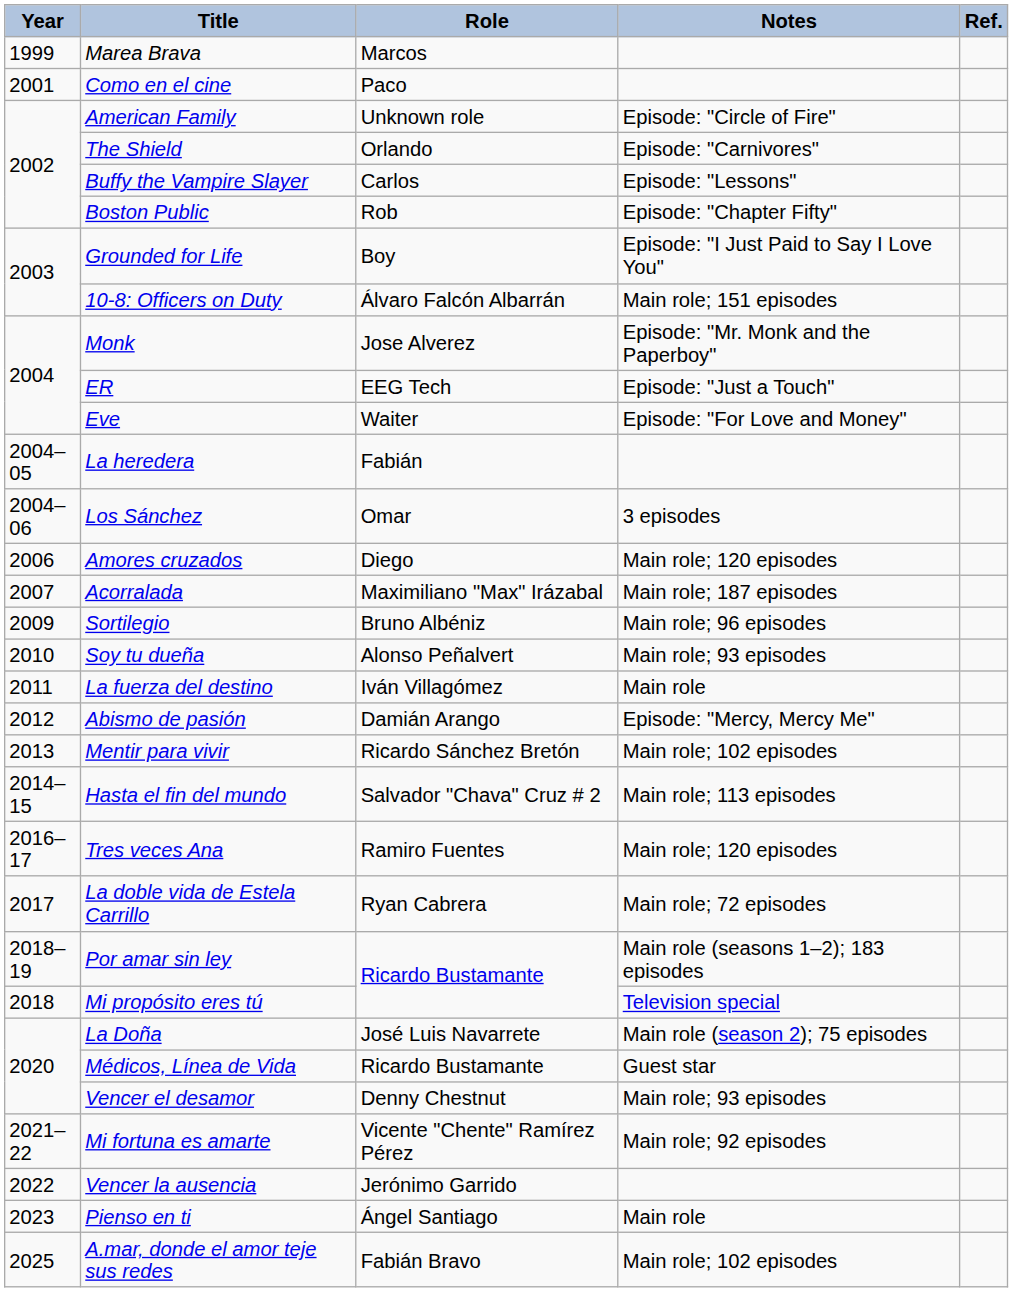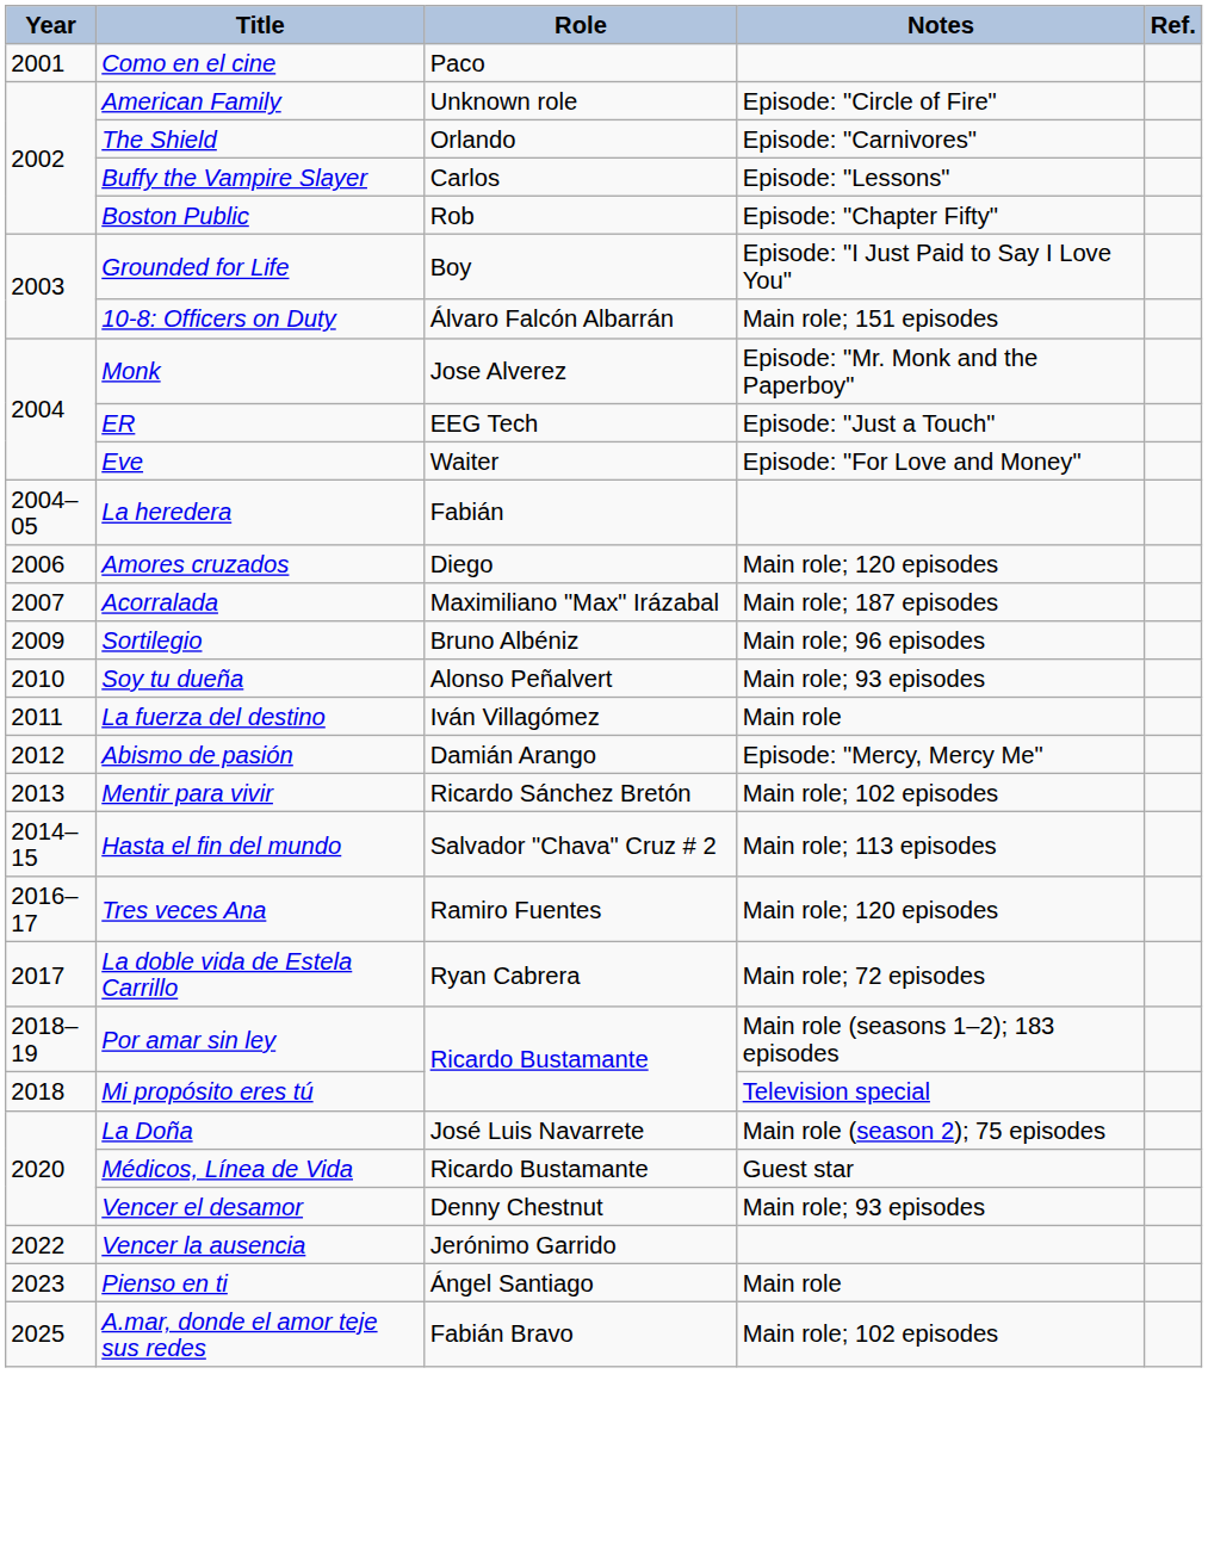 <table class="wikitable sortable plainrowheaders" style="width=95%; font-size: 95%;">
 <tr>
 <th style="background:#b0c4de; width:50px;">Year</th>
 <th style="background:#b0c4de; width:200px;">Title</th>
 <th style="background:#b0c4de; width:190px;">Role</th>
 <th style="background:#b0c4de;  width:250px;">Notes</th>
 <th style="background:#b0c4de;">Ref.</th>
-</tr>
-<tr>
-<td>1999</td>
-<td><em>Marea Brava</em></td>
-<td>Marcos</td>
-<td></td>
-<td></td>
 </tr>
 <tr>
 <td>2001</td>
 <td><em><a href='#'>Como en el cine</a></em></td>
 <td>Paco</td>
 <td></td>
 <td></td>
 </tr>
 <tr>
 <td rowspan=4>2002</td>
 <td><em><a href='#'>American Family</a></em></td>
 <td>Unknown role</td>
 <td>Episode: "Circle of Fire"</td>
 <td></td>
 </tr>
 <tr>
 <td><em><a href='#'>The Shield</a></em></td>
 <td>Orlando</td>
 <td>Episode: "Carnivores"</td>
 <td></td>
 </tr>
 <tr>
 <td><em><a href='#'>Buffy the Vampire Slayer</a></em></td>
 <td>Carlos</td>
 <td>Episode: "Lessons"</td>
 <td></td>
 </tr>
 <tr>
 <td><em><a href='#'>Boston Public</a></em></td>
 <td>Rob</td>
 <td>Episode: "Chapter Fifty"</td>
 <td></td>
 </tr>
 <tr>
 <td rowspan=2>2003</td>
 <td><em><a href='#'>Grounded for Life</a></em></td>
 <td>Boy</td>
 <td>Episode: "I Just Paid to Say I Love You"</td>
 <td></td>
 </tr>
 <tr>
 <td><em><a href='#'>10-8: Officers on Duty</a></em></td>
 <td>Álvaro Falcón Albarrán</td>
 <td>Main role; 151 episodes</td>
 <td></td>
 </tr>
 <tr>
 <td rowspan=3>2004</td>
 <td><em><a href='#'>Monk</a></em></td>
 <td>Jose Alverez</td>
 <td>Episode: "Mr. Monk and the Paperboy"</td>
 <td></td>
 </tr>
 <tr>
 <td><em><a href='#'>ER</a></em></td>
 <td>EEG Tech</td>
 <td>Episode: "Just a Touch"</td>
 <td></td>
 </tr>
 <tr>
 <td><em><a href='#'>Eve</a></em></td>
 <td>Waiter</td>
 <td>Episode: "For Love and Money"</td>
 <td></td>
 </tr>
 <tr>
 <td>2004–05</td>
 <td><em><a href='#'>La heredera</a></em></td>
 <td>Fabián</td>
 <td></td>
-<td></td>
-</tr>
-<tr>
-<td>2004–06</td>
-<td><em><a href='#'>Los Sánchez</a></em></td>
-<td>Omar</td>
-<td>3 episodes</td>
 <td></td>
 </tr>
 <tr>
 <td>2006</td>
 <td><em><a href='#'>Amores cruzados</a></em></td>
 <td>Diego</td>
 <td>Main role; 120 episodes</td>
 <td></td>
 </tr>
 <tr>
 <td>2007</td>
 <td><em><a href='#'>Acorralada</a></em></td>
 <td>Maximiliano "Max" Irázabal</td>
 <td>Main role; 187 episodes</td>
 <td></td>
 </tr>
 <tr>
 <td>2009</td>
 <td><em><a href='#'>Sortilegio</a></em></td>
 <td>Bruno Albéniz</td>
 <td>Main role; 96 episodes</td>
 <td></td>
 </tr>
 <tr>
 <td>2010</td>
 <td><em><a href='#'>Soy tu dueña</a></em></td>
 <td>Alonso Peñalvert</td>
 <td>Main role; 93 episodes</td>
 <td></td>
 </tr>
 <tr>
 <td>2011</td>
 <td><em><a href='#'>La fuerza del destino</a></em></td>
 <td>Iván Villagómez</td>
 <td>Main role</td>
 <td></td>
 </tr>
 <tr>
 <td>2012</td>
 <td><em><a href='#'>Abismo de pasión</a></em></td>
 <td>Damián Arango</td>
 <td>Episode: "Mercy, Mercy Me"</td>
 <td></td>
 </tr>
 <tr>
 <td>2013</td>
 <td><em><a href='#'>Mentir para vivir</a></em></td>
 <td>Ricardo Sánchez Bretón</td>
 <td>Main role; 102 episodes</td>
 <td></td>
 </tr>
 <tr>
 <td>2014–15</td>
 <td><em><a href='#'>Hasta el fin del mundo</a></em></td>
 <td>Salvador "Chava" Cruz # 2</td>
 <td>Main role; 113 episodes</td>
 <td></td>
 </tr>
 <tr>
 <td>2016–17</td>
 <td><em><a href='#'>Tres veces Ana</a></em></td>
 <td>Ramiro Fuentes</td>
 <td>Main role; 120 episodes</td>
 <td></td>
 </tr>
 <tr>
 <td>2017</td>
 <td><em><a href='#'>La doble vida de Estela Carrillo</a></em></td>
 <td>Ryan Cabrera</td>
 <td>Main role; 72 episodes</td>
 <td></td>
 </tr>
 <tr>
 <td>2018–19</td>
 <td><em><a href='#'>Por amar sin ley</a></em></td>
 <td rowspan=2><a href='#'>Ricardo Bustamante</a></td>
 <td>Main role (seasons 1–2); 183 episodes</td>
 <td></td>
 </tr>
 <tr>
 <td>2018</td>
 <td><em><a href='#'>Mi propósito eres tú</a></em></td>
 <td><a href='#'>Television special</a></td>
 <td></td>
 </tr>
 <tr>
 <td rowspan="3">2020</td>
 <td><em><a href='#'>La Doña</a></em></td>
 <td>José Luis Navarrete</td>
 <td>Main role (<a href='#'>season 2</a>); 75 episodes</td>
 <td></td>
 </tr>
 <tr>
 <td><em><a href='#'>Médicos, Línea de Vida</a></em></td>
 <td>Ricardo Bustamante</td>
 <td>Guest star</td>
 <td></td>
 </tr>
 <tr>
 <td><em><a href='#'>Vencer el desamor</a></em></td>
 <td>Denny Chestnut</td>
 <td>Main role; 93 episodes</td>
 <td></td>
 </tr>
 <tr>
-<td>2021–22</td>
-<td><em><a href='#'>Mi fortuna es amarte</a></em></td>
-<td>Vicente "Chente" Ramírez Pérez</td>
-<td>Main role; 92 episodes</td>
-<td></td>
-</tr>
-<tr>
 <td>2022</td>
 <td><em> <a href='#'>Vencer la ausencia</a></em></td>
 <td>Jerónimo Garrido</td>
 <td></td>
 <td></td>
 </tr>
 <tr>
 <td>2023</td>
 <td><em><a href='#'>Pienso en ti</a></em></td>
 <td>Ángel Santiago</td>
 <td>Main role</td>
 <td></td>
 </tr>
 <tr>
 <td>2025</td>
 <td><em><a href='#'>A.mar, donde el amor teje sus redes</a></em></td>
 <td>Fabián Bravo</td>
 <td>Main role; 102 episodes</td>
 <td></td>
 </tr>
 </table>
